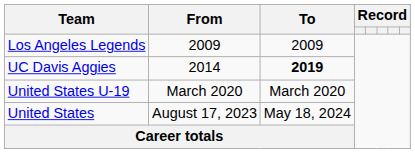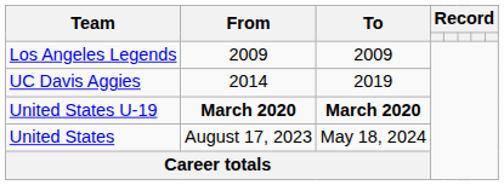 <table class="wikitable" style="text-align:center">
 <tr>
 <th rowspan="2">Team</th>
 <th rowspan="2">From</th>
 <th rowspan="2">To</th>
 <th colspan="5">Record</th>
 </tr>
 <tr>
 <th></th>
 <th></th>
 <th></th>
 <th></th>
 <th></th>
 </tr>
 <tr>
 <td style="text-align:left"><a href='#'>Los Angeles Legends</a></td>
 <td>2009</td>
 <td>2009<br></td>
 </tr>
 <tr>
 <td style="text-align:left"><a href='#'>UC Davis Aggies</a></td>
 <td>2014</td>
-<td><strong>2019<br></strong></td>
+<td>2019<br></td>
 </tr>
 <tr>
 <td style="text-align:left"><a href='#'>United States U-19</a></td>
-<td>March 2020</td>
-<td>March 2020<br></td>
+<td><strong>March 2020</strong></td>
+<td><strong>March 2020<br></strong></td>
 </tr>
 <tr>
 <td style="text-align:left"><a href='#'>United States</a></td>
 <td>August 17, 2023</td>
 <td>May 18, 2024<br></td>
 </tr>
 <tr>
 <th colspan="3"><strong>Career totals</strong><br></th>
 </tr>
 </table>
